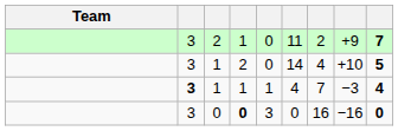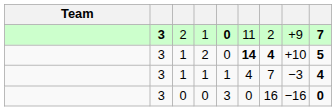 <table class="wikitable" style="text-align: center;">
 <tr>
 <th width="175">Team</th>
 <th width="20"></th>
 <th width="20"></th>
 <th width="20"></th>
 <th width="20"></th>
 <th width="20"></th>
 <th width="20"></th>
 <th width="20"></th>
 <th width="20"></th>
 </tr>
 <tr bgcolor="#ccffcc">
 <td align=left><em></em></td>
-<td>3</td>
+<td><strong>3</strong></td>
 <td>2</td>
 <td>1</td>
-<td>0</td>
+<td><strong>0</strong></td>
 <td>11</td>
 <td>2</td>
 <td>+9</td>
 <td><strong>7</strong></td>
 </tr>
 <tr bgcolor=>
 <td align=left></td>
 <td>3</td>
 <td>1</td>
 <td>2</td>
 <td>0</td>
-<td>14</td>
-<td>4</td>
+<td><strong>14</strong></td>
+<td><strong>4</strong></td>
 <td>+10</td>
 <td><strong>5</strong></td>
 </tr>
 <tr bgcolor=>
 <td align=left></td>
-<td><strong>3</strong></td>
+<td>3</td>
 <td>1</td>
 <td>1</td>
 <td>1</td>
 <td>4</td>
 <td>7</td>
 <td>−3</td>
 <td><strong>4</strong></td>
 </tr>
 <tr bgcolor=>
 <td align=left></td>
 <td>3</td>
 <td>0</td>
-<td><strong>0</strong></td>
+<td>0</td>
 <td>3</td>
 <td>0</td>
 <td>16</td>
 <td>−16</td>
 <td><strong>0</strong></td>
 </tr>
 </table>
